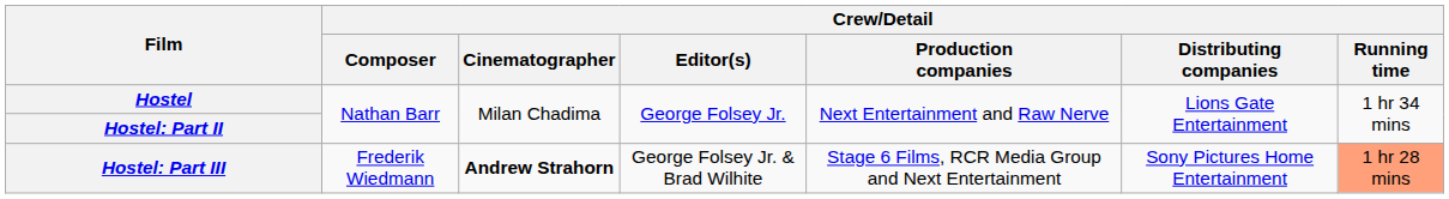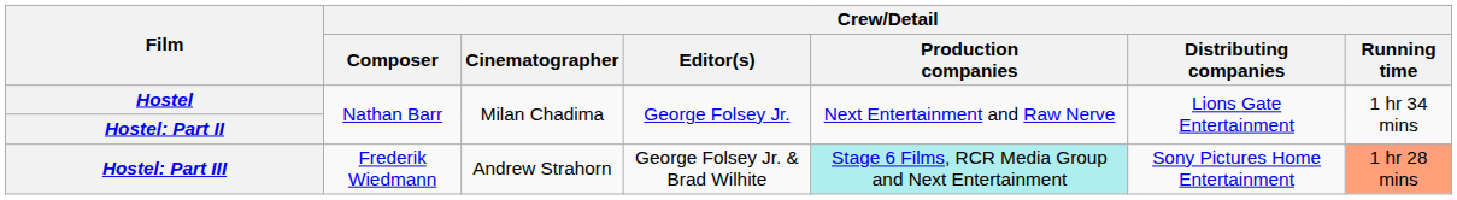 <table class="wikitable" style="text-align:center; width:99%;">
 <tr>
 <th rowspan="2" style="width:22%;">Film</th>
 <th colspan="7">Crew/Detail</th>
 </tr>
 <tr>
 <th style="text-align:center;">Composer</th>
 <th style="text-align:center;">Cinematographer</th>
 <th style="text-align:center;">Editor(s)</th>
 <th style="text-align:center;">Production <br>companies</th>
 <th style="text-align:center;">Distributing <br>companies</th>
 <th style="text-align:center;">Running time</th>
 </tr>
 <tr>
 <th><em><a href='#'>Hostel</a></em></th>
 <td rowspan="2"><a href='#'>Nathan Barr</a></td>
 <td rowspan="2">Milan Chadima</td>
 <td rowspan="2"><a href='#'>George Folsey Jr.</a></td>
 <td rowspan="2"><a href='#'>Next Entertainment</a> and <a href='#'>Raw Nerve</a></td>
 <td rowspan="2"><a href='#'>Lions Gate Entertainment</a></td>
 <td rowspan="2">1 hr 34 mins</td>
 </tr>
 <tr>
 <th><em><a href='#'>Hostel: Part II</a></em></th>
 </tr>
 <tr>
 <th><em><a href='#'>Hostel: Part III</a></em></th>
 <td><a href='#'>Frederik Wiedmann</a></td>
-<td><strong>Andrew Strahorn</strong></td>
+<td>Andrew Strahorn</td>
 <td>George Folsey Jr. & Brad Wilhite</td>
-<td><a href='#'>Stage 6 Films</a>, RCR Media Group and Next Entertainment</td>
+<td style="background: paleturquoise;"><a href='#'>Stage 6 Films</a>, RCR Media Group and Next Entertainment</td>
 <td><a href='#'>Sony Pictures Home Entertainment</a></td>
 <td style="background: lightsalmon;">1 hr 28 mins</td>
 </tr>
 </table>
